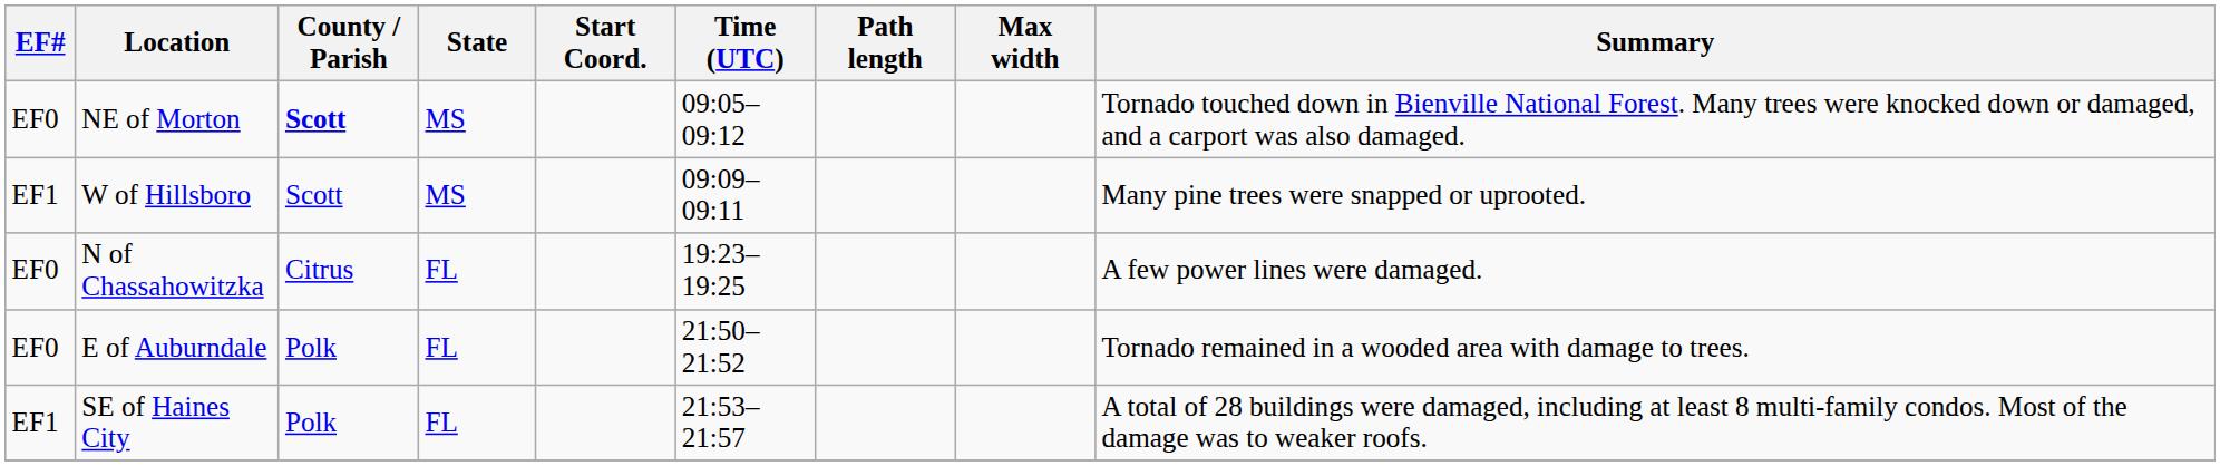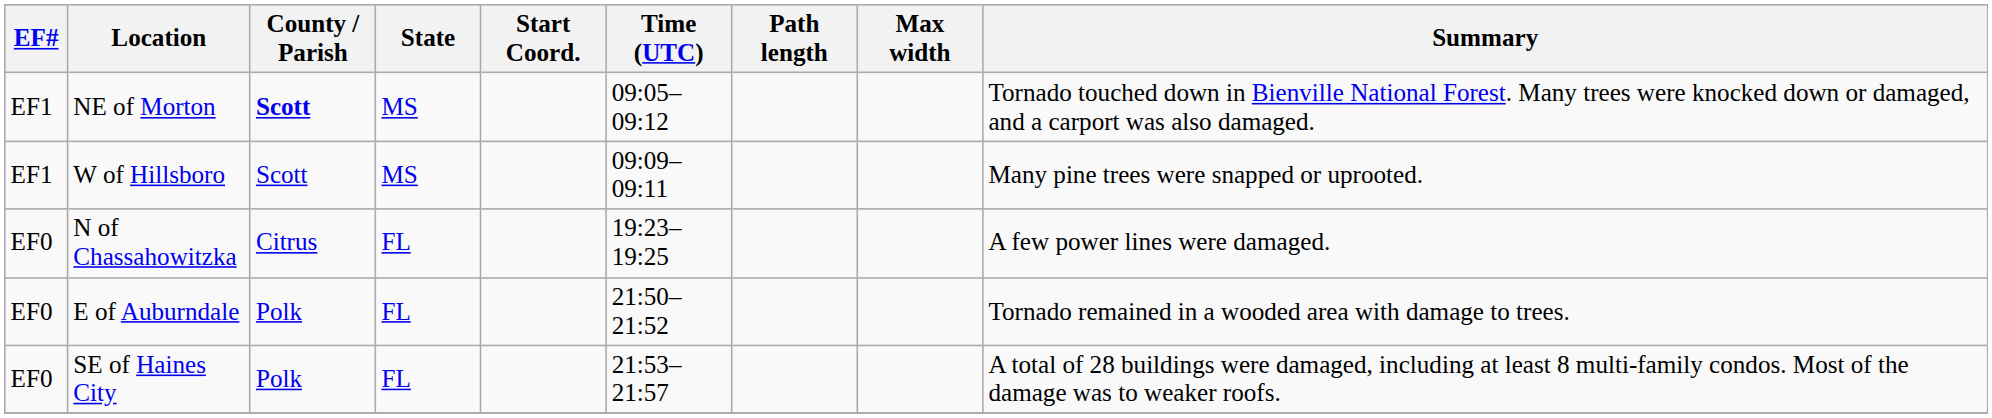 <table class="wikitable sortable" style="width:100%;">
 <tr>
 <th scope="col" width="3%" align="center"><a href='#'>EF#</a></th>
 <th scope="col" width="7%" align="center" class="unsortable">Location</th>
 <th scope="col" width="6%" align="center" class="unsortable">County / Parish</th>
 <th scope="col" width="5%" align="center">State</th>
 <th scope="col" width="6%" align="center">Start Coord.</th>
 <th scope="col" width="6%" align="center">Time (<a href='#'>UTC</a>)</th>
 <th scope="col" width="6%" align="center">Path length</th>
 <th scope="col" width="6%" align="center">Max width</th>
 <th scope="col" width="48%" class="unsortable" align="center">Summary</th>
 </tr>
 <tr>
-<td>EF0</td>
+<td>EF1</td>
 <td>NE of <a href='#'>Morton</a></td>
 <td><strong><a href='#'>Scott</a></strong></td>
 <td><a href='#'>MS</a></td>
 <td></td>
 <td>09:05–09:12</td>
 <td></td>
 <td></td>
 <td>Tornado touched down in <a href='#'>Bienville National Forest</a>. Many trees were knocked down or damaged, and a carport was also damaged.</td>
 </tr>
 <tr>
 <td>EF1</td>
 <td>W of <a href='#'>Hillsboro</a></td>
 <td><a href='#'>Scott</a></td>
 <td><a href='#'>MS</a></td>
 <td></td>
 <td>09:09–09:11</td>
 <td></td>
 <td></td>
 <td>Many pine trees were snapped or uprooted.</td>
 </tr>
 <tr>
 <td>EF0</td>
 <td>N of <a href='#'>Chassahowitzka</a></td>
 <td><a href='#'>Citrus</a></td>
 <td><a href='#'>FL</a></td>
 <td></td>
 <td>19:23–19:25</td>
 <td></td>
 <td></td>
 <td>A few power lines were damaged.</td>
 </tr>
 <tr>
 <td>EF0</td>
 <td>E of <a href='#'>Auburndale</a></td>
 <td><a href='#'>Polk</a></td>
 <td><a href='#'>FL</a></td>
 <td></td>
 <td>21:50–21:52</td>
 <td></td>
 <td></td>
 <td>Tornado remained in a wooded area with damage to trees.</td>
 </tr>
 <tr>
-<td>EF1</td>
+<td>EF0</td>
 <td>SE of <a href='#'>Haines City</a></td>
 <td><a href='#'>Polk</a></td>
 <td><a href='#'>FL</a></td>
 <td></td>
 <td>21:53–21:57</td>
 <td></td>
 <td></td>
 <td>A total of 28 buildings were damaged, including at least 8 multi-family condos. Most of the damage was to weaker roofs.</td>
 </tr>
 <tr>
 </tr>
 </table>
